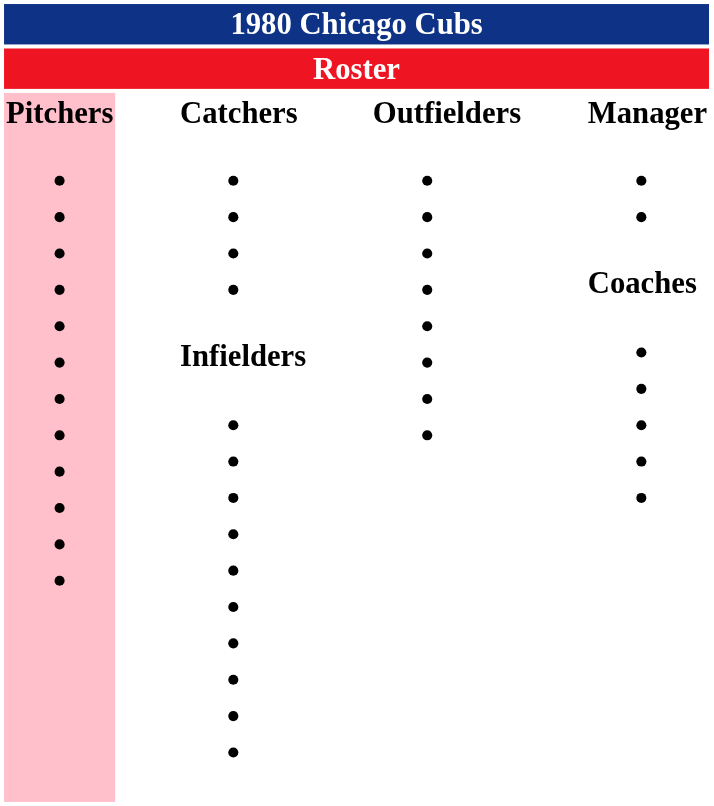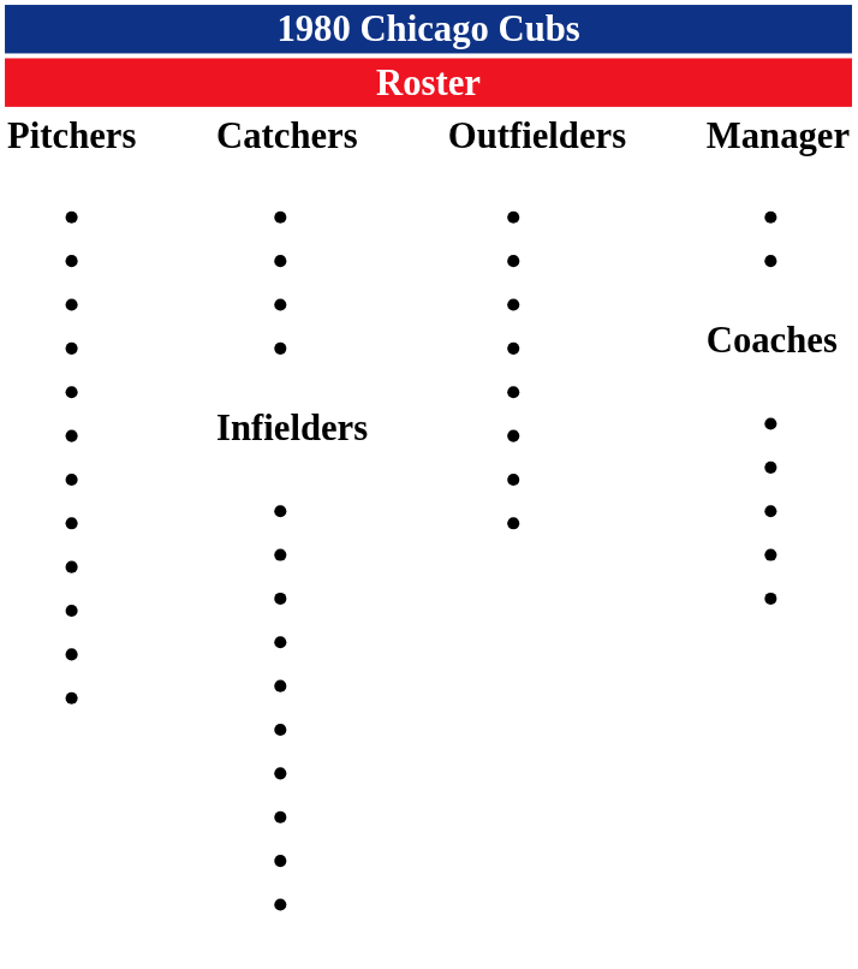 <table class="toccolours" style="font-size: 95%;">
 <tr>
 <th colspan="10" style="background-color: #0e3386; color: white; text-align: center;">1980 Chicago Cubs</th>
 </tr>
 <tr>
 <td colspan="10" style="background-color: #EE1422; color: white; text-align: center;"><strong>Roster</strong></td>
 </tr>
 <tr>
-<td valign="top" style="background: pink;"><strong>Pitchers</strong><br><ul><li></li><li></li><li></li><li></li><li></li><li></li><li></li><li></li><li></li><li></li><li></li><li></li></ul></td>
+<td valign="top"><strong>Pitchers</strong><br><ul><li></li><li></li><li></li><li></li><li></li><li></li><li></li><li></li><li></li><li></li><li></li><li></li></ul></td>
 <td width="25px"></td>
 <td valign="top"><strong>Catchers</strong><br><ul><li></li><li></li><li></li><li></li></ul><strong>Infielders</strong><ul><li></li><li></li><li></li><li></li><li></li><li></li><li></li><li></li><li></li><li></li></ul></td>
 <td width="25px"></td>
 <td valign="top"><strong>Outfielders</strong><br><ul><li></li><li></li><li></li><li></li><li></li><li></li><li></li><li></li></ul></td>
 <td width="25px"></td>
 <td valign="top"><strong>Manager</strong><br><ul><li></li><li></li></ul><strong>Coaches</strong><ul><li></li><li></li><li></li><li></li><li></li></ul></td>
 </tr>
 <tr>
 </tr>
 </table>
